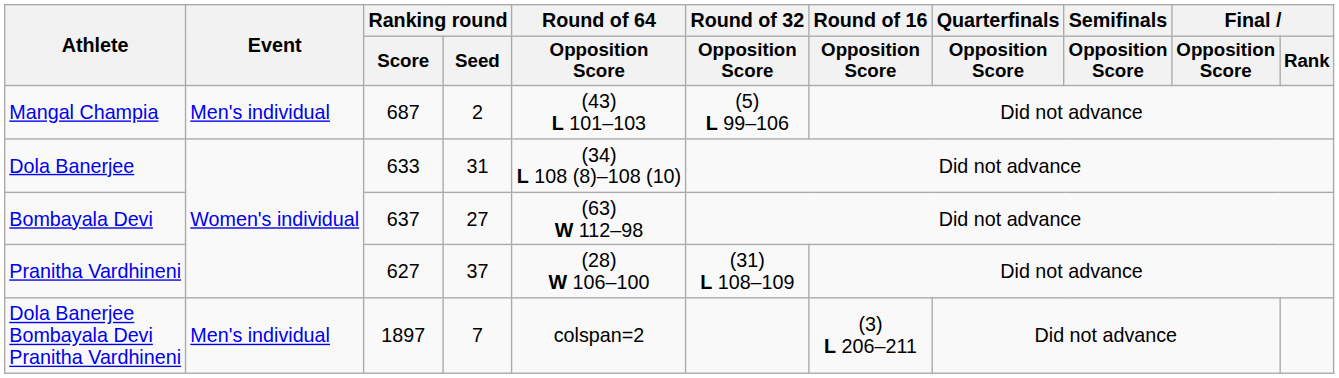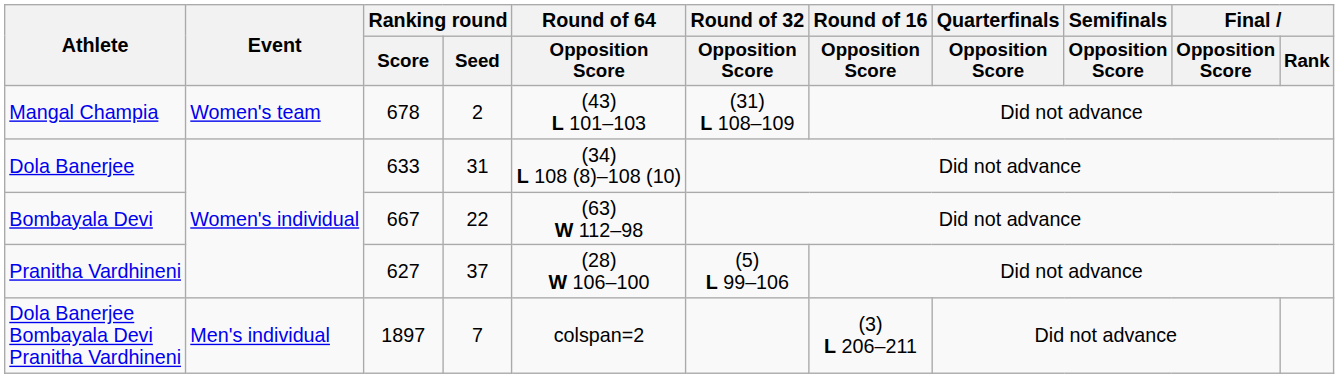 <table class="wikitable" style="font-size:90%">
 <tr>
 <th rowspan="2">Athlete</th>
 <th rowspan="2">Event</th>
 <th colspan="2">Ranking round</th>
 <th>Round of 64</th>
 <th>Round of 32</th>
 <th>Round of 16</th>
 <th>Quarterfinals</th>
 <th>Semifinals</th>
 <th colspan="2">Final / </th>
 </tr>
 <tr style="font-size:95%">
 <th>Score</th>
 <th>Seed</th>
 <th>Opposition<br>Score</th>
 <th>Opposition<br>Score</th>
 <th>Opposition<br>Score</th>
 <th>Opposition<br>Score</th>
 <th>Opposition<br>Score</th>
 <th>Opposition<br>Score</th>
 <th>Rank</th>
 </tr>
 <tr align=center>
 <td align=left><a href='#'>Mangal Champia</a></td>
-<td align=left><a href='#'>Men's individual</a></td>
-<td>687</td>
+<td align=left><a href='#'>Women's team</a></td>
+<td>678</td>
 <td>2</td>
 <td> (43)<br><strong>L</strong> 101–103</td>
-<td> (5)<br><strong>L</strong> 99–106</td>
+<td> (31)<br><strong>L</strong> 108–109</td>
 <td colspan=5>Did not advance</td>
 </tr>
 <tr align=center>
 <td align=left><a href='#'>Dola Banerjee</a></td>
 <td align=left rowspan=3><a href='#'>Women's individual</a></td>
 <td>633</td>
 <td>31</td>
 <td> (34)<br><strong>L</strong> 108 (8)–108 (10)</td>
 <td colspan=6>Did not advance</td>
 </tr>
 <tr align=center>
 <td align=left><a href='#'>Bombayala Devi</a></td>
-<td>637</td>
-<td>27</td>
+<td>667</td>
+<td>22</td>
 <td> (63)<br> <strong>W</strong> 112–98</td>
 <td colspan=6>Did not advance</td>
 </tr>
 <tr align=center>
 <td align=left><a href='#'>Pranitha Vardhineni</a></td>
 <td>627</td>
 <td>37</td>
 <td> (28)<br><strong>W</strong> 106–100</td>
-<td> (31)<br><strong>L</strong> 108–109</td>
+<td> (5)<br><strong>L</strong> 99–106</td>
 <td colspan=5>Did not advance</td>
 </tr>
 <tr align=center>
 <td align=left><a href='#'>Dola Banerjee</a><br><a href='#'>Bombayala Devi</a><br><a href='#'>Pranitha Vardhineni</a></td>
 <td align=left><a href='#'>Men's individual</a></td>
 <td>1897</td>
 <td>7</td>
 <td>colspan=2 </td>
 <td></td>
 <td> (3)<br><strong>L</strong> 206–211</td>
 <td colspan=3>Did not advance</td>
 </tr>
 </table>
